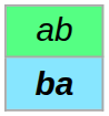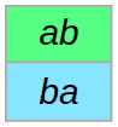 <table class="wikitable" style="font-style:italic;text-align:center;">
 <tr>
 <td bgcolor="#55FF83" width="40">ab</td>
 </tr>
 <tr>
-<td bgcolor="#87E6FF" width="40"><strong>ba</strong></td>
+<td bgcolor="#87E6FF" width="40">ba</td>
 </tr>
 </table>
